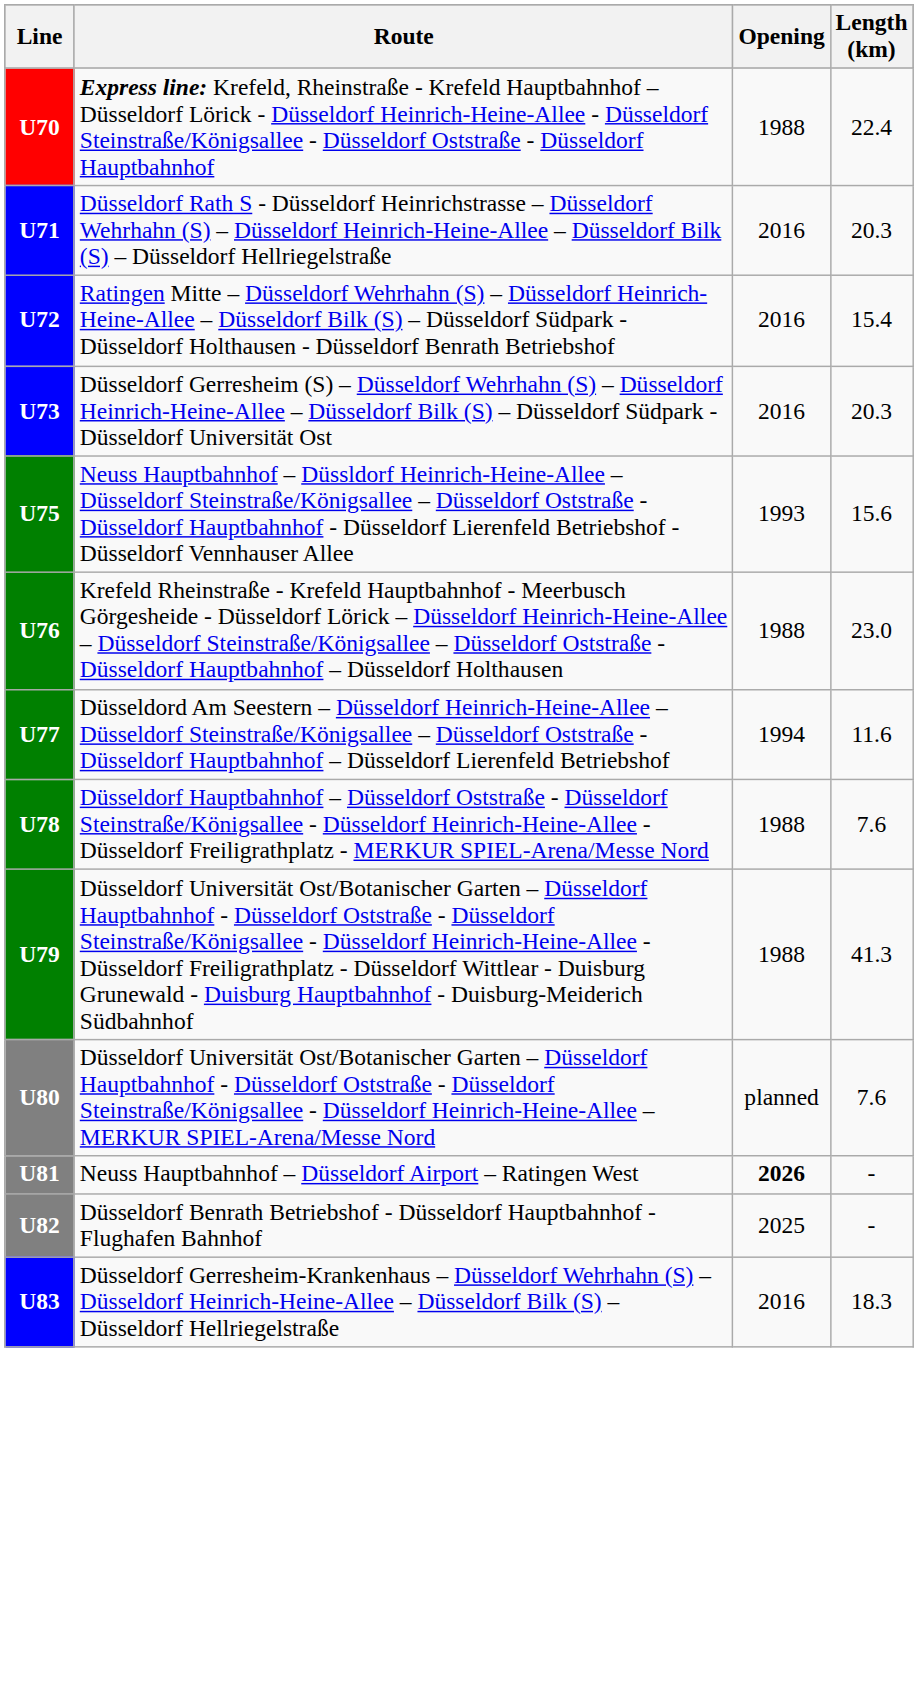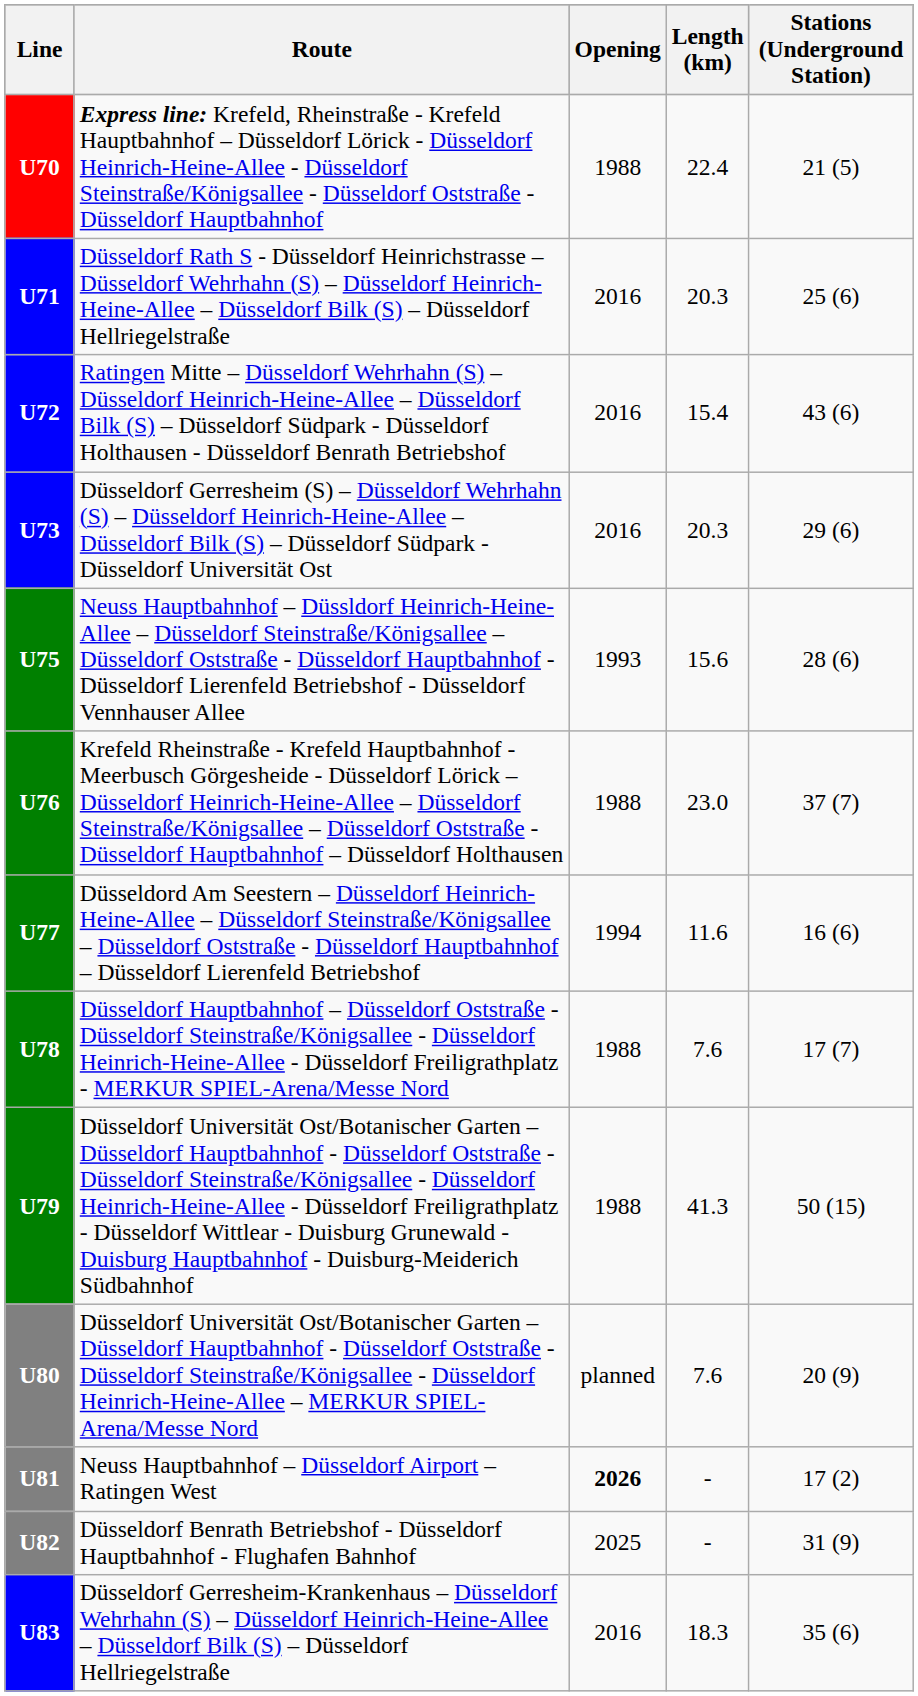 <table width="70%" class="wikitable">
 <tr align="center" style="color: black; background-color: #808080">
 <th width="40px">Line</th>
 <th>Route</th>
 <th>Opening</th>
 <th>Length<br>(km)</th>
+<th>Stations<br>(Underground Station)</th>
 </tr>
 <tr>
 <td style="background-color:red; text-align:center; font-weight:bold; color:white;">U70</td>
 <td><strong><em>Express line:</em></strong> Krefeld, Rheinstraße - Krefeld Hauptbahnhof – Düsseldorf Lörick - <a href='#'>Düsseldorf Heinrich-Heine-Allee</a> - <a href='#'>Düsseldorf Steinstraße/Königsallee</a> - <a href='#'>Düsseldorf Oststraße</a> - <a href='#'>Düsseldorf Hauptbahnhof</a></td>
 <td align="center">1988</td>
 <td align="center">22.4</td>
+<td align="center">21 (5)</td>
 </tr>
 <tr>
 <td style="background-color:blue; text-align:center; font-weight:bold; color:white;">U71</td>
 <td><a href='#'>Düsseldorf Rath S</a> - Düsseldorf Heinrichstrasse  – <a href='#'>Düsseldorf Wehrhahn (S)</a> – <a href='#'>Düsseldorf Heinrich-Heine-Allee</a> – <a href='#'>Düsseldorf Bilk (S)</a> – Düsseldorf Hellriegelstraße</td>
 <td align="center">2016</td>
 <td align="center">20.3</td>
+<td align="center">25 (6)</td>
 </tr>
 <tr>
 <td style="background-color:blue; text-align:center; font-weight:bold; color:white;">U72</td>
 <td><a href='#'>Ratingen</a> Mitte – <a href='#'>Düsseldorf Wehrhahn (S)</a> – <a href='#'>Düsseldorf Heinrich-Heine-Allee</a> – <a href='#'>Düsseldorf Bilk (S)</a> –  Düsseldorf Südpark - Düsseldorf Holthausen - Düsseldorf Benrath Betriebshof</td>
 <td align="center">2016</td>
 <td align="center">15.4</td>
+<td align="center">43 (6)</td>
 </tr>
 <tr>
 <td style="background-color:blue; text-align:center; font-weight:bold; color:white;">U73</td>
 <td>Düsseldorf Gerresheim (S) – <a href='#'>Düsseldorf Wehrhahn (S)</a> – <a href='#'>Düsseldorf Heinrich-Heine-Allee</a> – <a href='#'>Düsseldorf Bilk (S)</a> – Düsseldorf Südpark - Düsseldorf Universität Ost</td>
 <td align="center">2016</td>
 <td align="center">20.3</td>
+<td align="center">29 (6)</td>
 </tr>
 <tr>
 <td style="background-color:green; text-align:center; font-weight:bold; color:white;">U75</td>
 <td><a href='#'>Neuss Hauptbahnhof</a> – <a href='#'>Düssldorf Heinrich-Heine-Allee</a> – <a href='#'>Düsseldorf Steinstraße/Königsallee</a> – <a href='#'>Düsseldorf Oststraße</a> - <a href='#'>Düsseldorf Hauptbahnhof</a> - Düsseldorf Lierenfeld Betriebshof - Düsseldorf Vennhauser Allee</td>
 <td align="center">1993</td>
 <td align="center">15.6</td>
+<td align="center">28 (6)</td>
 </tr>
 <tr>
 <td style="background-color:green; text-align:center; font-weight:bold; color:white;">U76</td>
 <td>Krefeld Rheinstraße - Krefeld Hauptbahnhof - Meerbusch Görgesheide - Düsseldorf Lörick – <a href='#'>Düsseldorf Heinrich-Heine-Allee</a> – <a href='#'>Düsseldorf Steinstraße/Königsallee</a> – <a href='#'>Düsseldorf Oststraße</a> - <a href='#'>Düsseldorf Hauptbahnhof</a> – Düsseldorf Holthausen</td>
 <td align="center">1988</td>
 <td align="center">23.0</td>
+<td align="center">37 (7)</td>
 </tr>
 <tr>
 <td style="background-color:green; text-align:center; font-weight:bold; color:white;">U77</td>
 <td>Düsseldord Am Seestern – <a href='#'>Düsseldorf Heinrich-Heine-Allee</a> – <a href='#'>Düsseldorf Steinstraße/Königsallee</a> – <a href='#'>Düsseldorf Oststraße</a> - <a href='#'>Düsseldorf Hauptbahnhof</a> – Düsseldorf Lierenfeld Betriebshof</td>
 <td align="center">1994</td>
 <td align="center">11.6</td>
+<td align="center">16 (6)</td>
 </tr>
 <tr>
 <td style="background-color:green; text-align:center; font-weight:bold; color:white;">U78</td>
 <td><a href='#'>Düsseldorf Hauptbahnhof</a> –  <a href='#'>Düsseldorf Oststraße</a> - <a href='#'>Düsseldorf Steinstraße/Königsallee</a> - <a href='#'>Düsseldorf Heinrich-Heine-Allee</a> - Düsseldorf Freiligrathplatz - <a href='#'>MERKUR SPIEL-Arena/Messe Nord</a></td>
 <td align="center">1988</td>
 <td align="center">7.6</td>
+<td align="center">17 (7)</td>
 </tr>
 <tr>
 <td style="background-color:green; text-align:center; font-weight:bold; color:white;">U79</td>
 <td>Düsseldorf Universität Ost/Botanischer Garten – <a href='#'>Düsseldorf Hauptbahnhof</a> - <a href='#'>Düsseldorf Oststraße</a> - <a href='#'>Düsseldorf Steinstraße/Königsallee</a> - <a href='#'>Düsseldorf Heinrich-Heine-Allee</a> - Düsseldorf Freiligrathplatz - Düsseldorf Wittlear - Duisburg Grunewald - <a href='#'>Duisburg Hauptbahnhof</a> - Duisburg-Meiderich Südbahnhof</td>
 <td align="center">1988</td>
 <td align="center">41.3</td>
+<td align="center">50 (15)</td>
 </tr>
 <tr>
 <td style="background-color:grey; text-align:center; font-weight:bold; color:white;">U80</td>
 <td>Düsseldorf Universität Ost/Botanischer Garten – <a href='#'>Düsseldorf Hauptbahnhof</a> - <a href='#'>Düsseldorf Oststraße</a> - <a href='#'>Düsseldorf Steinstraße/Königsallee</a> - <a href='#'>Düsseldorf Heinrich-Heine-Allee</a> – <a href='#'>MERKUR SPIEL-Arena/Messe Nord</a></td>
 <td align="center">planned</td>
 <td align="center">7.6</td>
+<td align="center">20 (9)</td>
 </tr>
 <tr>
 <td style="background-color:grey; text-align:center; font-weight:bold; color:white;">U81</td>
 <td>Neuss Hauptbahnhof – <a href='#'>Düsseldorf Airport</a> – Ratingen West</td>
 <td align="center"><strong>2026</strong></td>
 <td align="center">-</td>
+<td align="center">17 (2)</td>
 </tr>
 <tr>
 <td style="background-color:grey; text-align:center; font-weight:bold; color:white;">U82</td>
 <td>Düsseldorf Benrath Betriebshof - Düsseldorf Hauptbahnhof - Flughafen Bahnhof</td>
 <td align="center">2025</td>
 <td align="center">-</td>
+<td align="center">31 (9)</td>
 </tr>
 <tr>
 <td style="background-color:blue; text-align:center; font-weight:bold; color:white;">U83</td>
 <td>Düsseldorf Gerresheim-Krankenhaus – <a href='#'>Düsseldorf Wehrhahn (S)</a> – <a href='#'>Düsseldorf Heinrich-Heine-Allee</a> – <a href='#'>Düsseldorf Bilk (S)</a> – Düsseldorf Hellriegelstraße</td>
 <td align="center">2016</td>
 <td align="center">18.3</td>
+<td align="center">35 (6)</td>
 </tr>
 </table>
